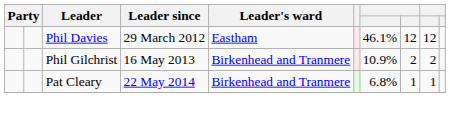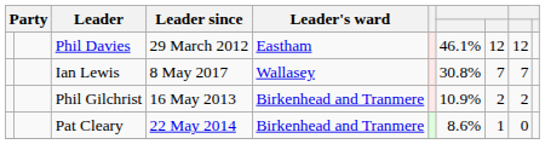 <table class="wikitable" style="font-size:95%;">
 <tr>
 <th rowspan="2" colspan="2">Party</th>
 <th rowspan="2">Leader</th>
 <th rowspan="2">Leader since</th>
 <th rowspan="2">Leader's ward</th>
 <th rowspan="2"></th>
 <th colspan="2"></th>
 <th colspan="2"></th>
 </tr>
 <tr>
 <th></th>
 <th></th>
 <th></th>
 <th></th>
 </tr>
 <tr>
 <td style="color:inherit;background:"></td>
 <td><a href='#'></a></td>
 <td><a href='#'>Phil Davies</a></td>
 <td>29 March 2012</td>
 <td><a href='#'>Eastham</a></td>
 <td style="text-align:center; background:#ffe8e8;"></td>
 <td style="text-align:right;">46.1%</td>
 <td style="text-align:right;">12</td>
 <td style="text-align:right;">12</td>
 <td></td>
 </tr>
 <tr>
+<td width="1" style="color:inherit;background:"></td>
+<td><a href='#'></a></td>
+<td>Ian Lewis</td>
+<td>8 May 2017</td>
+<td><a href='#'>Wallasey</a></td>
+<td style="text-align:center; background:#ffe8e8;"></td>
+<td style="text-align:right;">30.8%</td>
+<td style="text-align:right;">7</td>
+<td style="text-align:right;">7</td>
+<td></td>
+</tr>
+<tr>
 <td style="color:inherit;background:"></td>
 <td><a href='#'></a></td>
 <td>Phil Gilchrist</td>
 <td>16 May 2013</td>
 <td><a href='#'>Birkenhead and Tranmere</a></td>
 <td style="text-align:center; background:#ffe8e8;"></td>
 <td style="text-align:right;">10.9%</td>
 <td style="text-align:right;">2</td>
 <td style="text-align:right;">2</td>
 <td></td>
 </tr>
 <tr>
 <td style="color:inherit;background:"></td>
 <td><a href='#'></a></td>
 <td>Pat Cleary</td>
 <td><a href='#'>22 May 2014</a></td>
 <td><a href='#'>Birkenhead and Tranmere</a></td>
 <td style="text-align:center; background:#dfd;"></td>
-<td style="text-align:right;">6.8%</td>
+<td style="text-align:right;">8.6%</td>
 <td style="text-align:right;">1</td>
-<td style="text-align:right;">1</td>
+<td style="text-align:right;">0</td>
 <td></td>
 </tr>
 <tr>
 </tr>
 </table>
